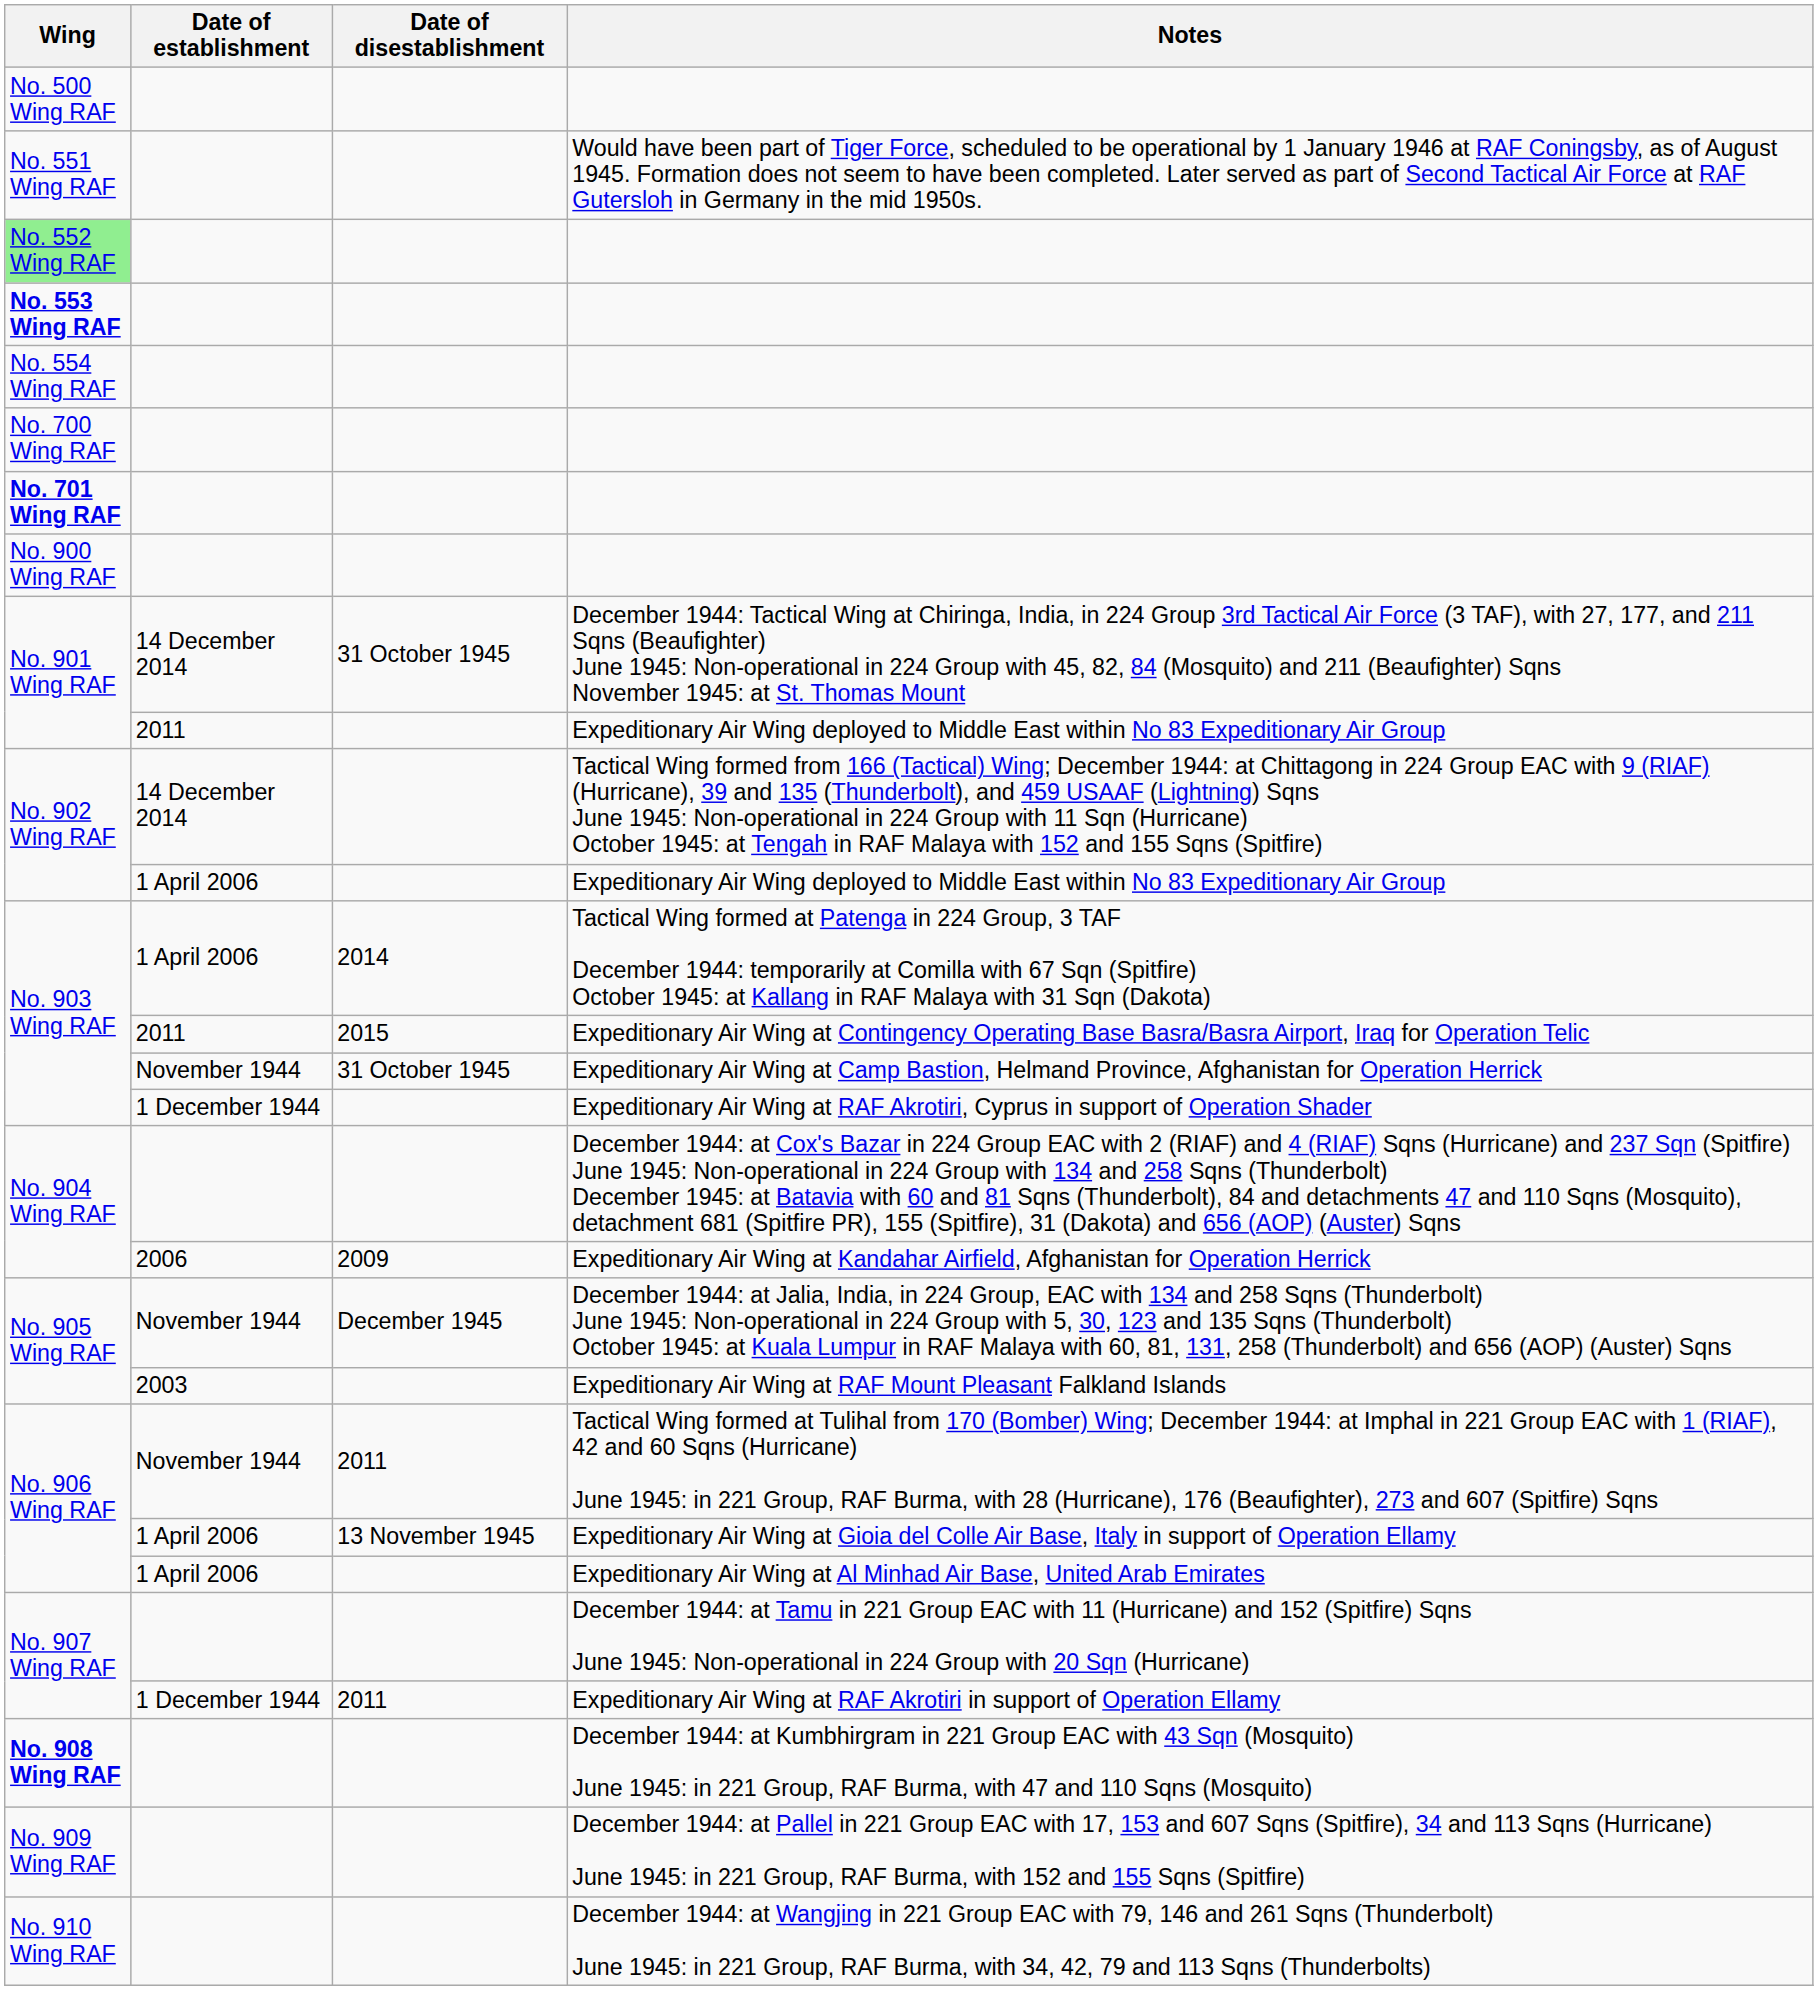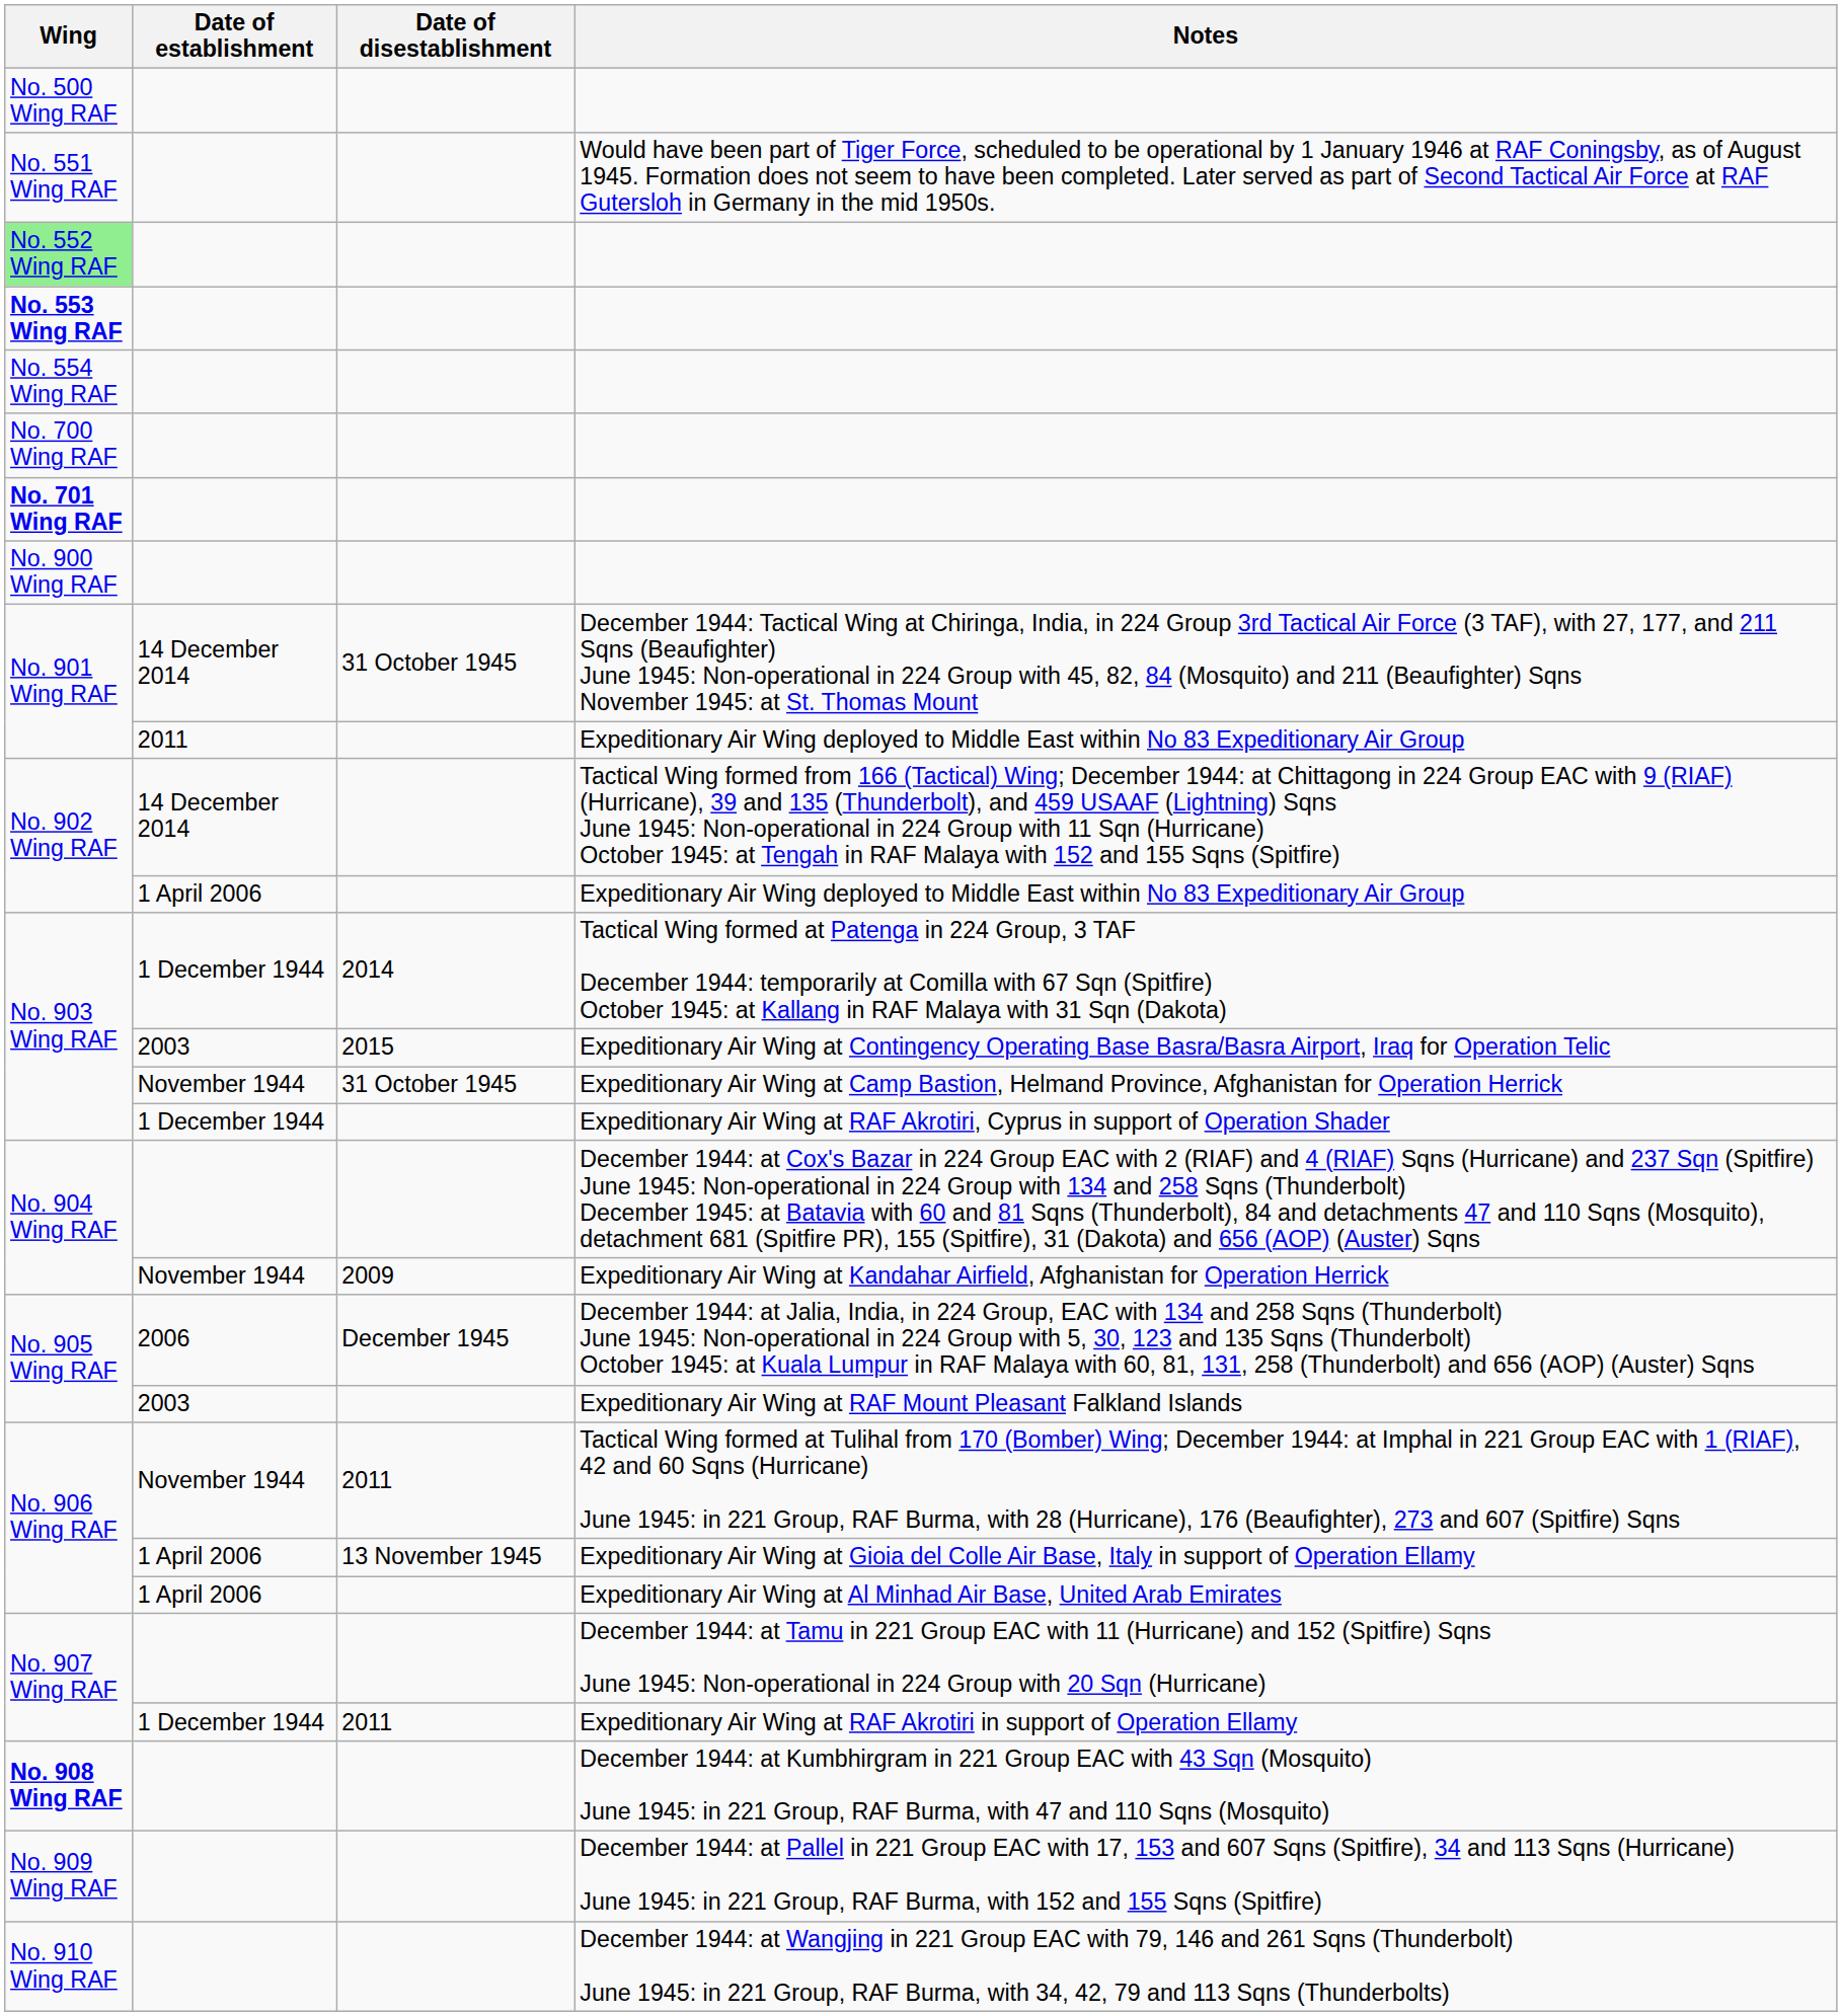 <table class="wikitable">
 <tr>
 <th>Wing</th>
 <th>Date of establishment</th>
 <th>Date of disestablishment</th>
 <th>Notes</th>
 </tr>
 <tr>
 <td><a href='#'>No. 500 Wing RAF</a></td>
 <td></td>
 <td></td>
 <td></td>
 </tr>
 <tr>
 <td><a href='#'>No. 551 Wing RAF</a></td>
 <td></td>
 <td></td>
 <td>Would have been part of <a href='#'>Tiger Force</a>, scheduled to be operational by 1 January 1946 at <a href='#'>RAF Coningsby</a>, as of August 1945. Formation does not seem to have been completed. Later served as part of <a href='#'>Second Tactical Air Force</a> at <a href='#'>RAF Gutersloh</a> in Germany in the mid 1950s.</td>
 </tr>
 <tr>
 <td style="background: lightgreen;"><a href='#'>No. 552 Wing RAF</a></td>
 <td></td>
 <td></td>
 <td></td>
 </tr>
 <tr>
 <td><strong><a href='#'>No. 553 Wing RAF</a></strong></td>
 <td></td>
 <td></td>
 <td></td>
 </tr>
 <tr>
 <td><a href='#'>No. 554 Wing RAF</a></td>
 <td></td>
 <td></td>
 <td></td>
 </tr>
 <tr>
 <td><a href='#'>No. 700 Wing RAF</a></td>
 <td></td>
 <td></td>
 <td></td>
 </tr>
 <tr>
 <td><strong><a href='#'>No. 701 Wing RAF</a></strong></td>
 <td></td>
 <td></td>
 <td></td>
 </tr>
 <tr>
 <td><a href='#'>No. 900 Wing RAF</a></td>
 <td></td>
 <td></td>
 <td></td>
 </tr>
 <tr>
 <td rowspan="2"><a href='#'>No. 901 Wing RAF</a></td>
 <td>14 December 2014</td>
 <td>31 October 1945</td>
 <td>December 1944: Tactical Wing at Chiringa, India, in 224 Group <a href='#'>3rd Tactical Air Force</a> (3 TAF), with 27, 177, and <a href='#'>211</a> Sqns (Beaufighter)<br>June 1945: Non-operational in 224 Group with 45, 82, <a href='#'>84</a> (Mosquito) and 211 (Beaufighter) Sqns<br>November 1945: at <a href='#'>St. Thomas Mount</a></td>
 </tr>
 <tr>
 <td>2011</td>
 <td></td>
 <td>Expeditionary Air Wing deployed to Middle East within <a href='#'>No 83 Expeditionary Air Group</a></td>
 </tr>
 <tr>
 <td rowspan="2"><a href='#'>No. 902 Wing RAF</a></td>
 <td>14 December 2014</td>
 <td></td>
 <td>Tactical Wing formed from <a href='#'>166 (Tactical) Wing</a>; December 1944: at Chittagong in 224 Group EAC with <a href='#'>9 (RIAF)</a> (Hurricane), <a href='#'>39</a> and <a href='#'>135</a> (<a href='#'>Thunderbolt</a>), and <a href='#'>459 USAAF</a> (<a href='#'>Lightning</a>) Sqns<br>June 1945: Non-operational in 224 Group with 11 Sqn (Hurricane)<br> October 1945: at <a href='#'>Tengah</a> in RAF Malaya with <a href='#'>152</a> and 155 Sqns (Spitfire)</td>
 </tr>
 <tr>
 <td>1 April 2006</td>
 <td></td>
 <td>Expeditionary Air Wing deployed to Middle East within <a href='#'>No 83 Expeditionary Air Group</a></td>
 </tr>
 <tr>
 <td rowspan="4"><a href='#'>No. 903 Wing RAF</a></td>
-<td>1 April 2006</td>
+<td>1 December 1944</td>
 <td>2014</td>
 <td>Tactical Wing formed at <a href='#'>Patenga</a> in 224 Group, 3 TAF<br><br>December 1944: temporarily at Comilla with 67 Sqn (Spitfire)<br> October 1945: at <a href='#'>Kallang</a> in RAF Malaya with 31 Sqn (Dakota)</td>
 </tr>
 <tr>
-<td>2011</td>
+<td>2003</td>
 <td>2015</td>
 <td>Expeditionary Air Wing at <a href='#'>Contingency Operating Base Basra/Basra Airport</a>, <a href='#'>Iraq</a> for <a href='#'>Operation Telic</a></td>
 </tr>
 <tr>
 <td>November 1944</td>
 <td>31 October 1945</td>
 <td>Expeditionary Air Wing at <a href='#'>Camp Bastion</a>, Helmand Province, Afghanistan for <a href='#'>Operation Herrick</a></td>
 </tr>
 <tr>
 <td>1 December 1944<br></td>
 <td></td>
 <td>Expeditionary Air Wing at <a href='#'>RAF Akrotiri</a>, Cyprus in support of <a href='#'>Operation Shader</a></td>
 </tr>
 <tr>
 <td rowspan="2"><a href='#'>No. 904 Wing RAF</a></td>
 <td></td>
 <td></td>
 <td>December 1944: at <a href='#'>Cox's Bazar</a> in 224 Group EAC with 2 (RIAF) and <a href='#'>4 (RIAF)</a> Sqns (Hurricane) and <a href='#'>237 Sqn</a> (Spitfire)<br>June 1945: Non-operational in 224 Group with <a href='#'>134</a> and <a href='#'>258</a> Sqns (Thunderbolt)<br> December 1945: at <a href='#'>Batavia</a> with <a href='#'>60</a> and <a href='#'>81</a> Sqns (Thunderbolt), 84 and detachments <a href='#'>47</a> and 110 Sqns (Mosquito), detachment 681 (Spitfire PR), 155 (Spitfire), 31 (Dakota) and <a href='#'>656 (AOP)</a> (<a href='#'>Auster</a>) Sqns </td>
 </tr>
 <tr>
-<td>2006</td>
+<td>November 1944</td>
 <td>2009</td>
 <td>Expeditionary Air Wing at <a href='#'>Kandahar Airfield</a>, Afghanistan for <a href='#'>Operation Herrick</a></td>
 </tr>
 <tr>
 <td rowspan="2"><a href='#'>No. 905 Wing RAF</a></td>
-<td>November 1944</td>
+<td>2006</td>
 <td>December 1945</td>
 <td>December 1944: at Jalia, India, in 224 Group, EAC with <a href='#'>134</a> and 258 Sqns (Thunderbolt)<br>June 1945: Non-operational in 224 Group with 5, <a href='#'>30</a>, <a href='#'>123</a> and 135 Sqns (Thunderbolt)<br> October 1945: at <a href='#'>Kuala Lumpur</a> in RAF Malaya with 60, 81, <a href='#'>131</a>, 258 (Thunderbolt) and 656 (AOP) (Auster) Sqns</td>
 </tr>
 <tr>
 <td>2003</td>
 <td></td>
 <td>Expeditionary Air Wing at <a href='#'>RAF Mount Pleasant</a> Falkland Islands</td>
 </tr>
 <tr>
 <td rowspan="3"><a href='#'>No. 906 Wing RAF</a></td>
 <td>November 1944</td>
 <td>2011</td>
 <td>Tactical Wing formed at Tulihal from <a href='#'>170 (Bomber) Wing</a>; December 1944: at Imphal in 221 Group EAC with <a href='#'>1 (RIAF)</a>, 42 and 60 Sqns (Hurricane)<br><br>June 1945: in 221 Group, RAF Burma, with 28 (Hurricane), 176 (Beaufighter), <a href='#'>273</a> and 607 (Spitfire) Sqns</td>
 </tr>
 <tr>
 <td>1 April 2006</td>
 <td>13 November 1945</td>
 <td>Expeditionary Air Wing at <a href='#'>Gioia del Colle Air Base</a>, <a href='#'>Italy</a> in support of <a href='#'>Operation Ellamy</a></td>
 </tr>
 <tr>
 <td>1 April 2006</td>
 <td></td>
 <td>Expeditionary Air Wing at <a href='#'>Al Minhad Air Base</a>, <a href='#'>United Arab Emirates</a></td>
 </tr>
 <tr>
 <td rowspan="2"><a href='#'>No. 907 Wing RAF</a></td>
 <td></td>
 <td></td>
 <td>December 1944: at <a href='#'>Tamu</a> in 221 Group EAC with 11 (Hurricane) and 152 (Spitfire) Sqns<br><br>June 1945: Non-operational in 224 Group with <a href='#'>20 Sqn</a> (Hurricane)<br></td>
 </tr>
 <tr>
 <td>1 December 1944</td>
 <td>2011</td>
 <td>Expeditionary Air Wing at <a href='#'>RAF Akrotiri</a> in support of <a href='#'>Operation Ellamy</a></td>
 </tr>
 <tr>
 <td><strong><a href='#'>No. 908 Wing RAF</a></strong></td>
 <td></td>
 <td></td>
 <td>December 1944: at Kumbhirgram in 221 Group EAC with <a href='#'>43 Sqn</a> (Mosquito)<br><br>June 1945: in 221 Group, RAF Burma, with 47 and 110 Sqns (Mosquito)</td>
 </tr>
 <tr>
 <td><a href='#'>No. 909 Wing RAF</a></td>
 <td></td>
 <td></td>
 <td>December 1944: at <a href='#'>Pallel</a> in 221 Group EAC with 17, <a href='#'>153</a> and 607 Sqns (Spitfire), <a href='#'>34</a> and 113 Sqns (Hurricane)<br><br>June 1945: in 221 Group, RAF Burma, with 152 and <a href='#'>155</a> Sqns  (Spitfire)</td>
 </tr>
 <tr>
 <td><a href='#'>No. 910 Wing RAF</a></td>
 <td></td>
 <td></td>
 <td>December 1944: at <a href='#'>Wangjing</a> in 221 Group EAC with 79, 146 and 261 Sqns (Thunderbolt)<br><br>June 1945: in 221 Group, RAF Burma, with 34, 42, 79 and 113 Sqns (Thunderbolts)</td>
 </tr>
 <tr>
 </tr>
 </table>
